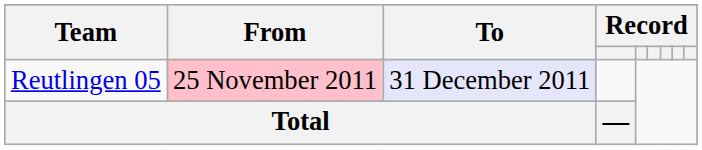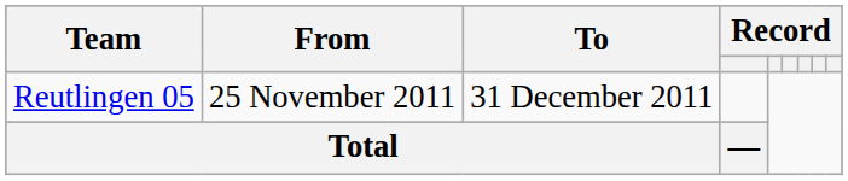 <table class="wikitable" style="text-align: center">
 <tr>
 <th rowspan="2">Team</th>
 <th rowspan="2">From</th>
 <th rowspan="2">To</th>
 <th colspan="6">Record</th>
 </tr>
 <tr>
 <th></th>
 <th></th>
 <th></th>
 <th></th>
 <th></th>
 <th></th>
 </tr>
 <tr>
 <td><a href='#'>Reutlingen 05</a></td>
-<td style="background: pink;">25 November 2011</td>
-<td style="background: lavender;">31 December 2011<br></td>
+<td>25 November 2011</td>
+<td>31 December 2011<br></td>
 <td></td>
 </tr>
 <tr>
 <th colspan="3">Total<br></th>
 <th>—</th>
 </tr>
 </table>
